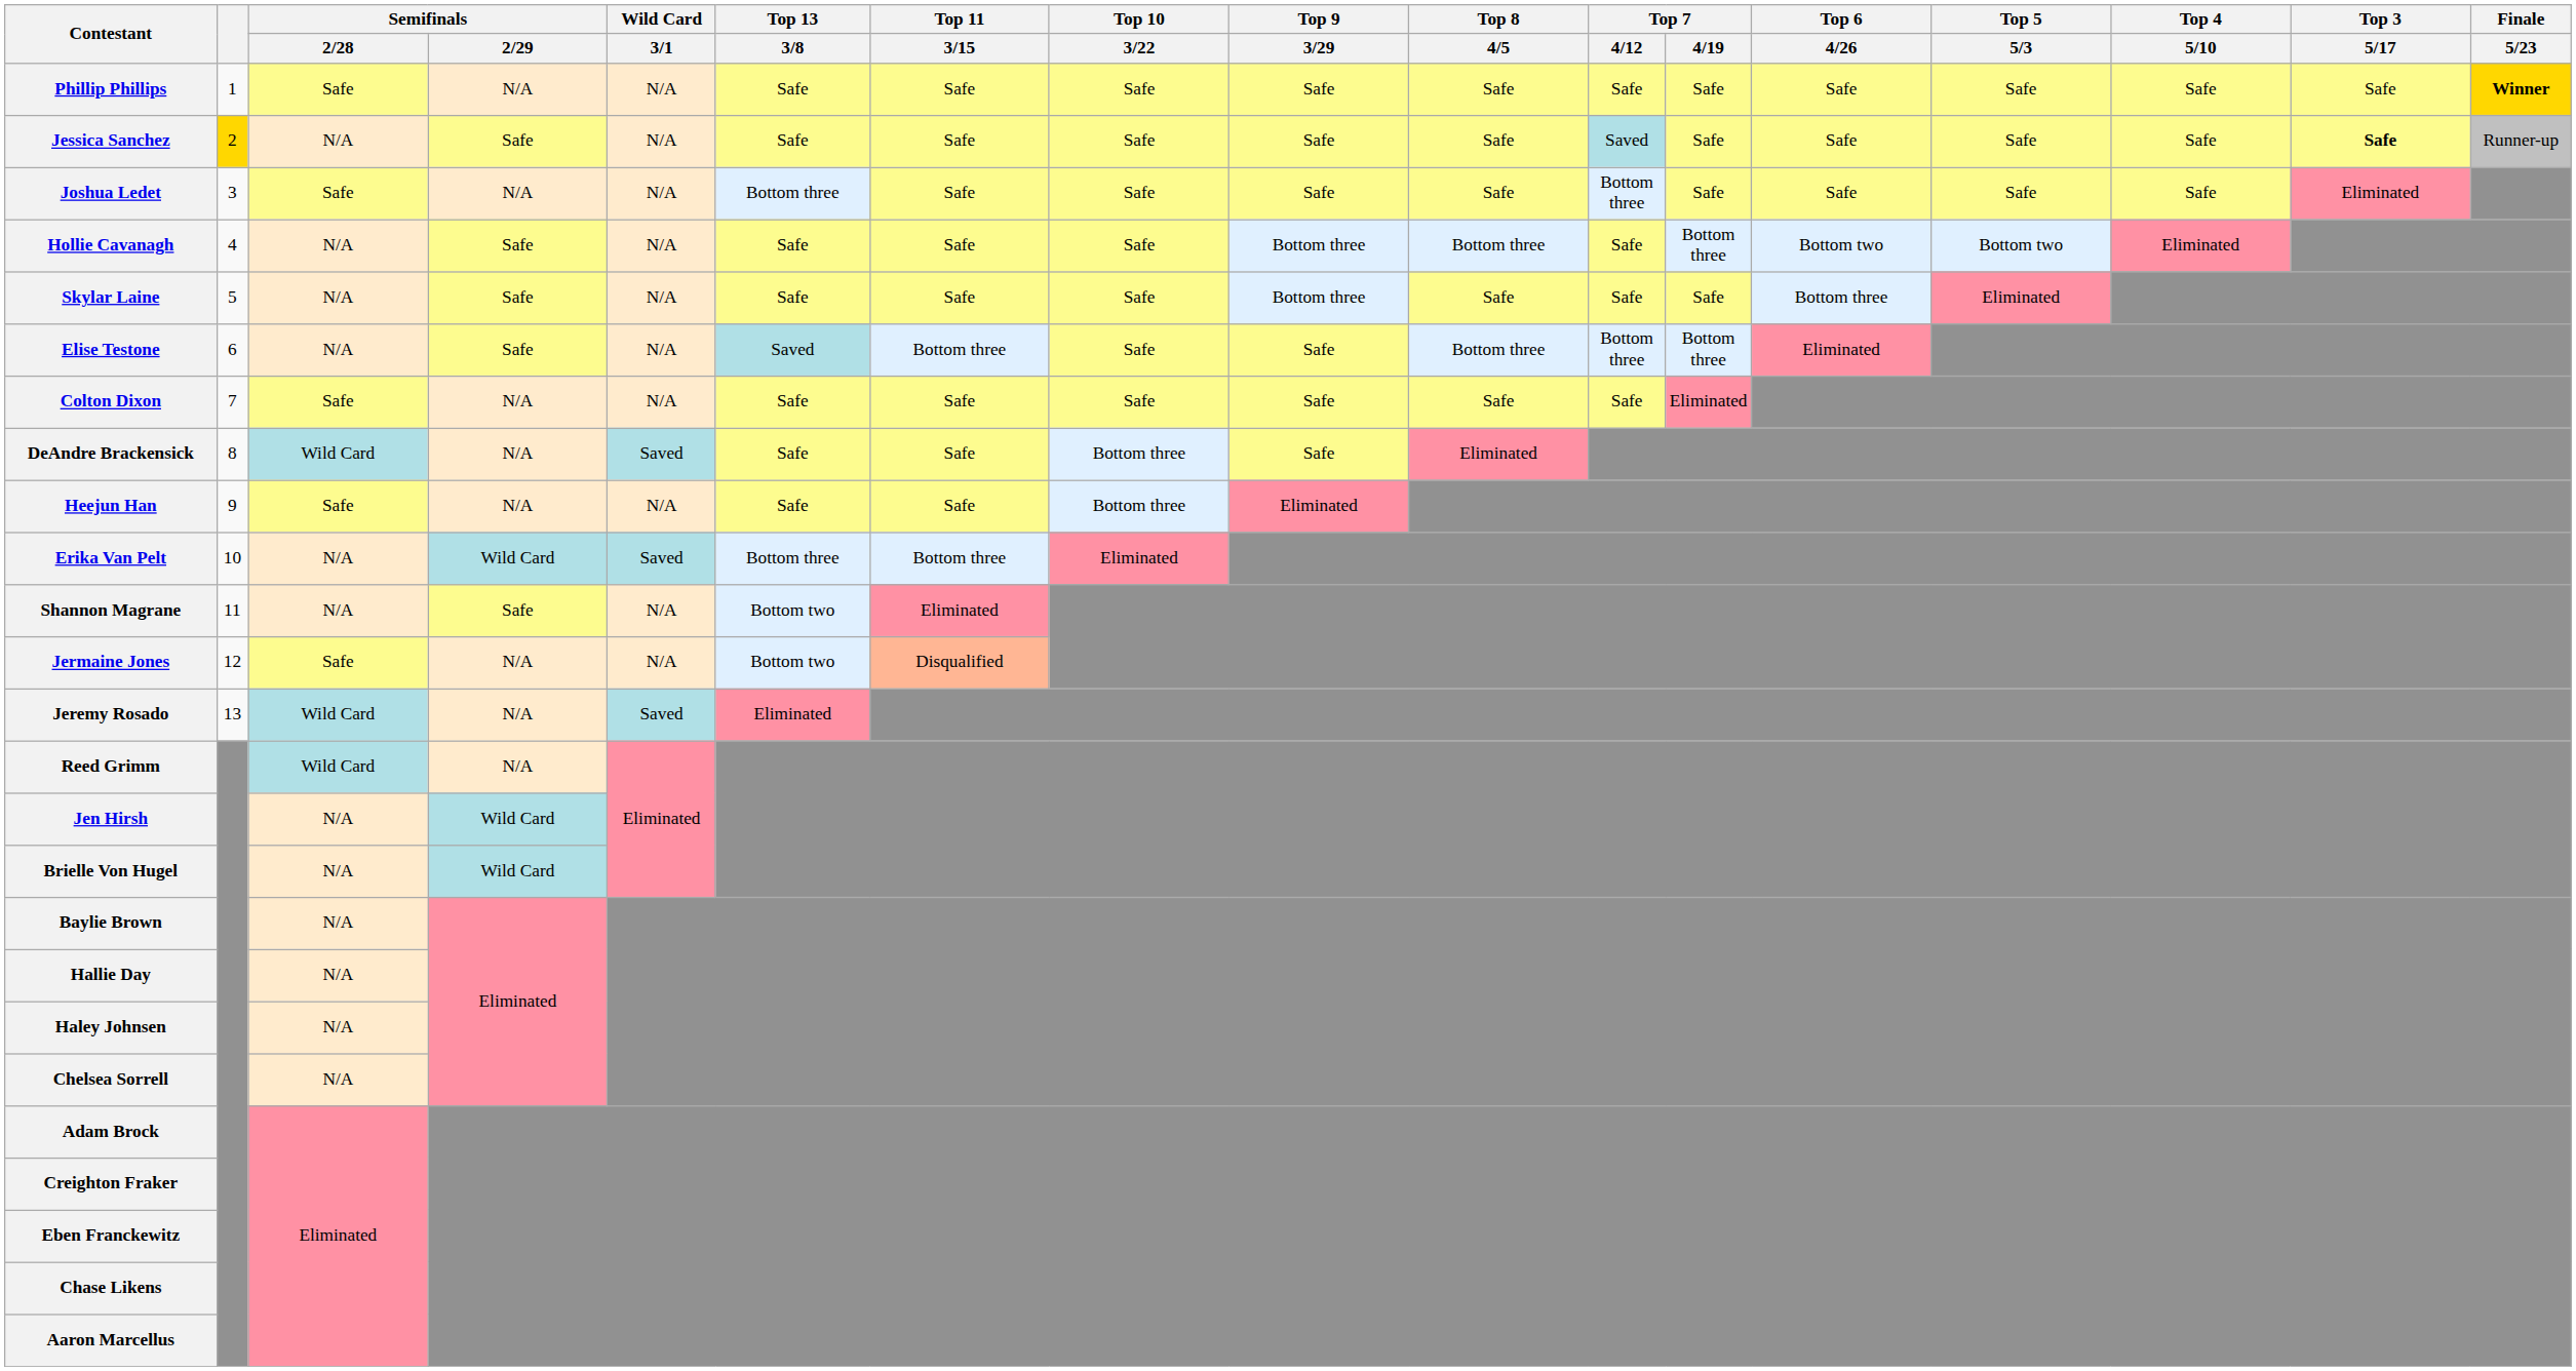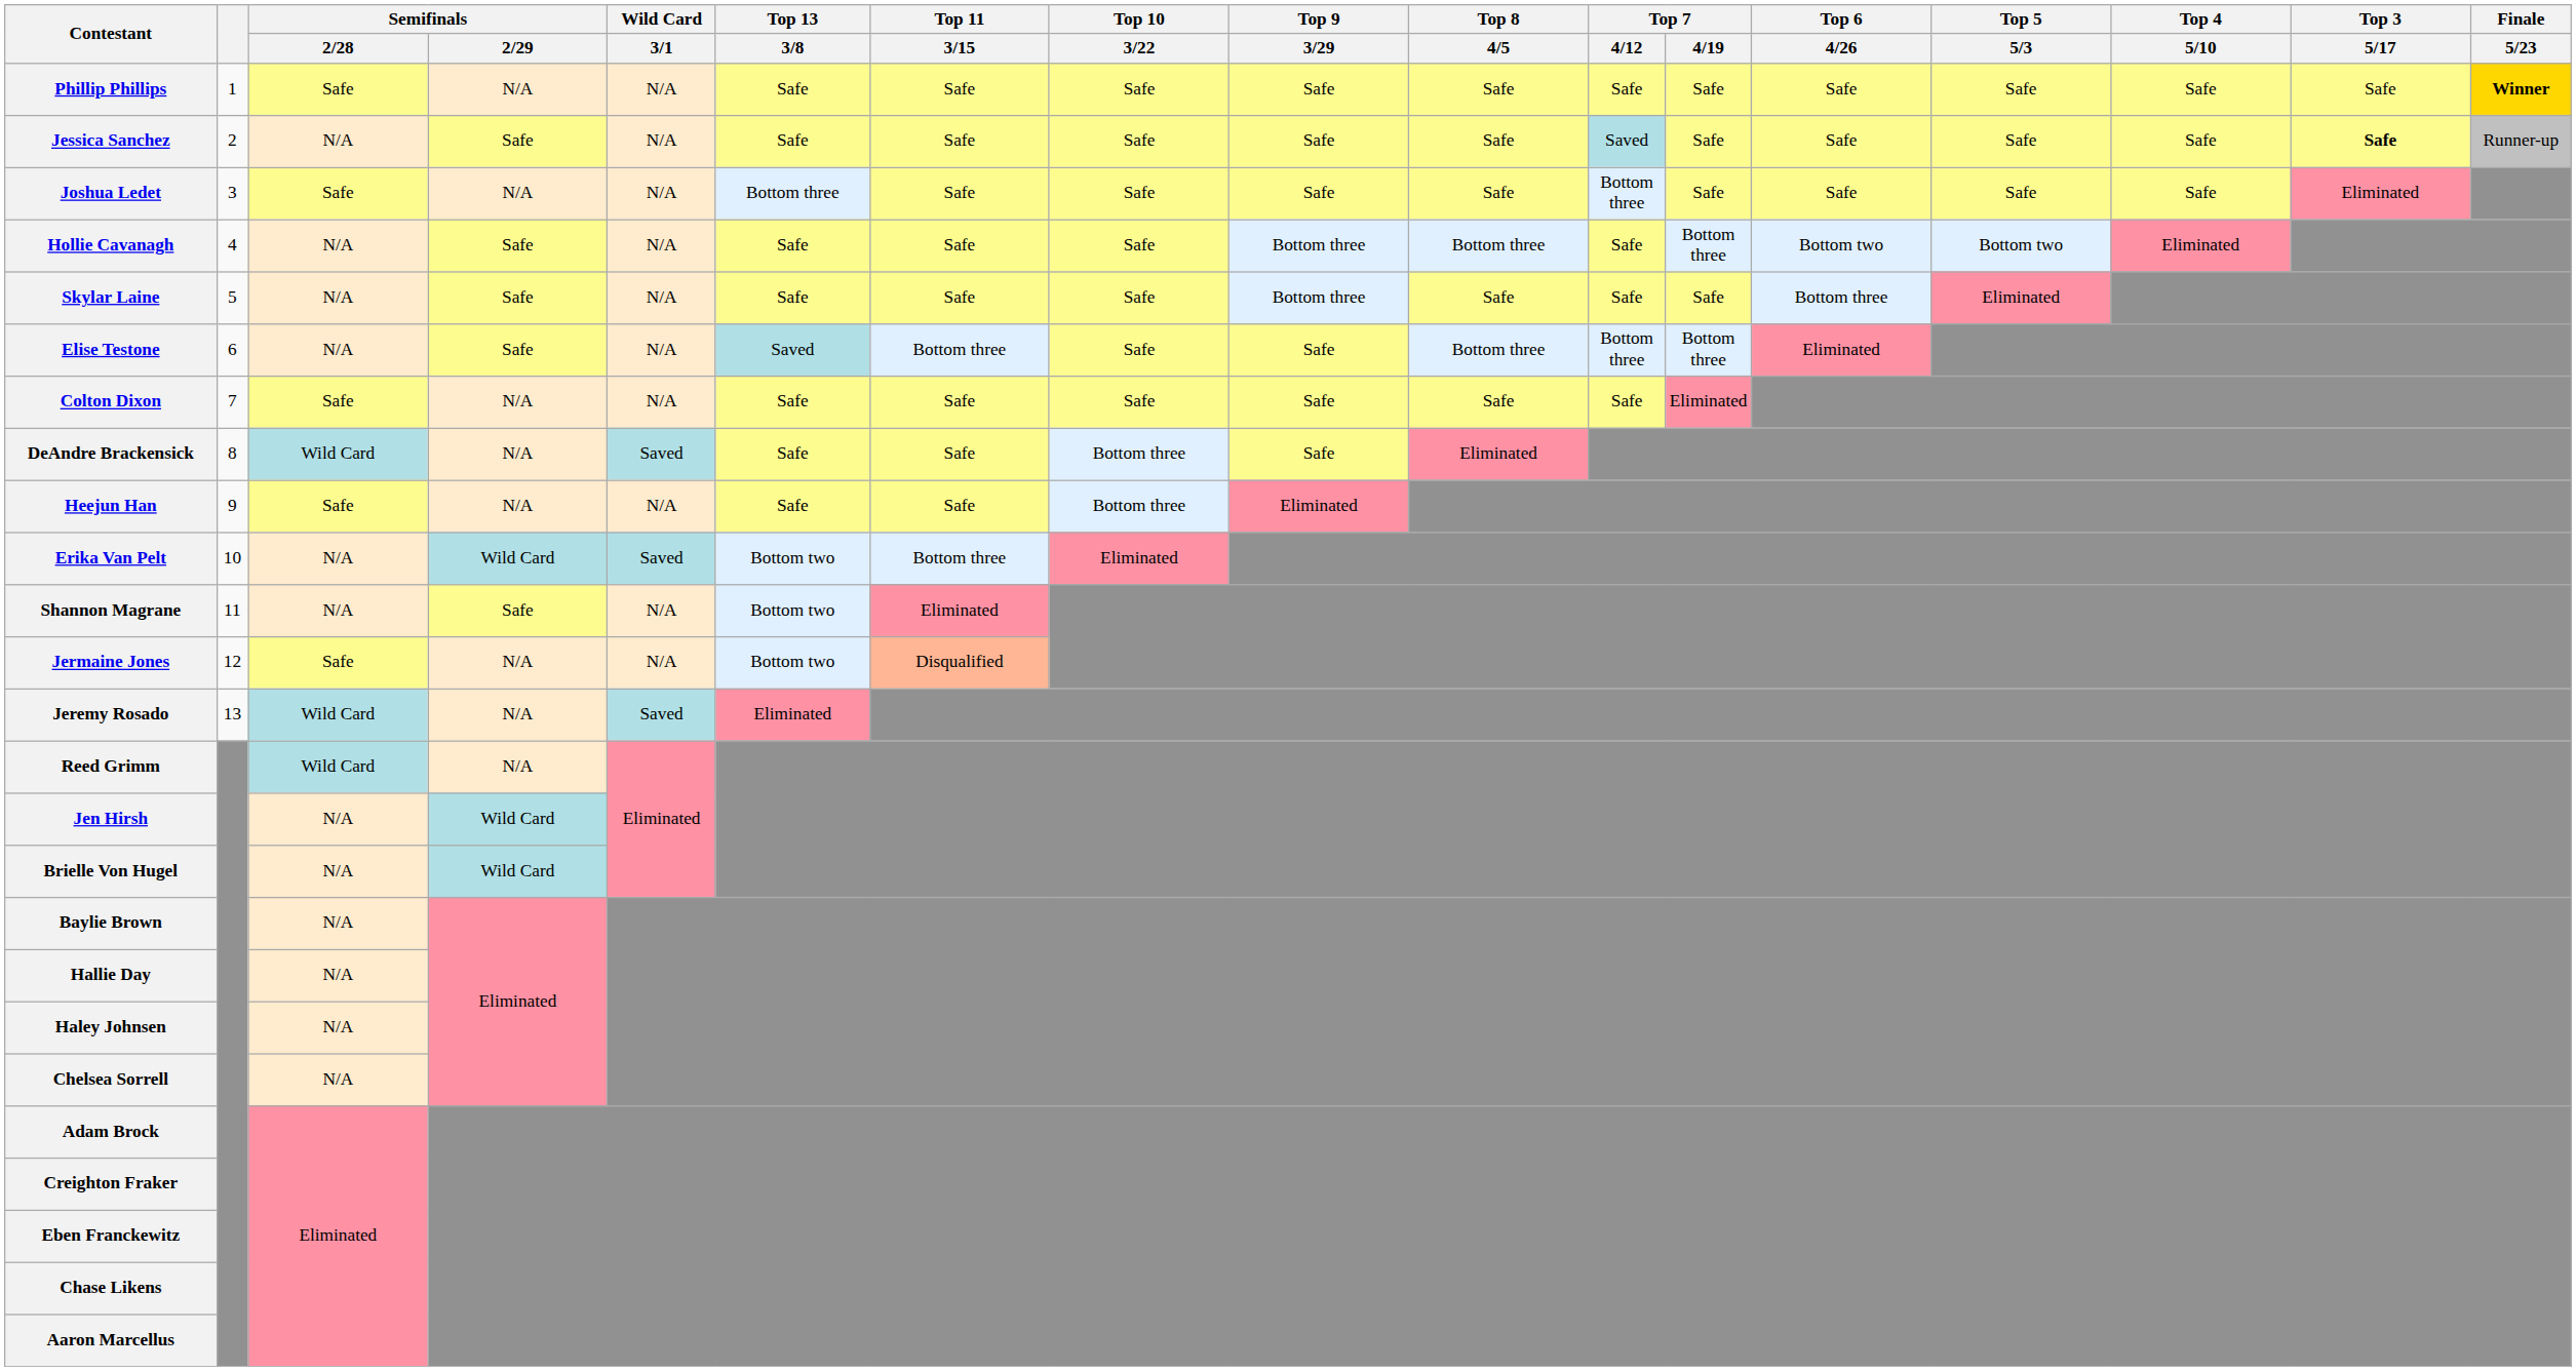 <table class="wikitable" style="text-align:center; font-size:85%;">
 <tr>
 <th scope="col" rowspan="2">Contestant</th>
 <th scope="col" rowspan="2"></th>
 <th colspan="2" scope="col" style="width:14%;">Semifinals</th>
 <th>Wild Card</th>
 <th scope="col" style="width:6%;">Top 13</th>
 <th scope="col" style="width:7%;">Top 11</th>
 <th scope="col" style="width:7%;">Top 10</th>
 <th scope="col" style="width:7%;">Top 9</th>
 <th scope="col" style="width:7%;">Top 8</th>
 <th scope="col" colspan=2 style="width:6%;">Top 7</th>
 <th scope="col" style="width:7%;">Top 6</th>
 <th scope="col" style="width:7%;">Top 5</th>
 <th scope="col" style="width:7%;">Top 4</th>
 <th scope="col" style="width:7%;">Top 3</th>
 <th>Finale</th>
 </tr>
 <tr>
 <th>2/28</th>
 <th>2/29</th>
 <th>3/1</th>
 <th>3/8</th>
 <th>3/15</th>
 <th>3/22</th>
 <th>3/29</th>
 <th>4/5</th>
 <th>4/12</th>
 <th>4/19</th>
 <th>4/26</th>
 <th>5/3</th>
 <th>5/10</th>
 <th>5/17</th>
 <th>5/23</th>
 </tr>
 <tr style="height:40px">
 <th scope="row"><a href='#'>Phillip Phillips</a></th>
 <td>1</td>
 <td style="background:#FDFC8F;">Safe</td>
 <td style="background:#FFEBCD;">N/A</td>
 <td style="background:#FFEBCD;">N/A</td>
 <td style="background:#FDFC8F;">Safe</td>
 <td style="background:#FDFC8F;">Safe</td>
 <td style="background:#FDFC8F;">Safe</td>
 <td style="background:#FDFC8F;">Safe</td>
 <td style="background:#FDFC8F;">Safe</td>
 <td style="background:#FDFC8F;">Safe</td>
 <td style="background:#FDFC8F;">Safe</td>
 <td style="background:#FDFC8F;">Safe</td>
 <td style="background:#FDFC8F;">Safe</td>
 <td style="background:#FDFC8F;">Safe</td>
 <td style="background:#FDFC8F;">Safe</td>
 <td bgcolor="gold"><strong>Winner</strong></td>
 </tr>
 <tr style="height:40px">
 <th scope="row"><a href='#'>Jessica Sanchez</a></th>
-<td style="background: gold;">2</td>
+<td>2</td>
 <td style="background:#FFEBCD;">N/A</td>
 <td style="background:#FDFC8F;">Safe</td>
 <td style="background:#FFEBCD;">N/A</td>
 <td style="background:#FDFC8F;">Safe</td>
 <td style="background:#FDFC8F;">Safe</td>
 <td style="background:#FDFC8F;">Safe</td>
 <td style="background:#FDFC8F;">Safe</td>
 <td style="background:#FDFC8F;">Safe</td>
 <td style="background:#B0E0E6;">Saved</td>
 <td style="background:#FDFC8F;">Safe</td>
 <td style="background:#FDFC8F;">Safe</td>
 <td style="background:#FDFC8F;">Safe</td>
 <td style="background:#FDFC8F;">Safe</td>
 <td style="background:#FDFC8F;"><strong>Safe</strong></td>
 <td bgcolor="silver">Runner-up</td>
 </tr>
 <tr style="height:40px">
 <th scope="row"><a href='#'>Joshua Ledet</a></th>
 <td>3</td>
 <td style="background:#FDFC8F;">Safe</td>
 <td style="background:#FFEBCD;">N/A</td>
 <td style="background:#FFEBCD;">N/A</td>
 <td style="background:#e0f0ff;">Bottom three</td>
 <td style="background:#FDFC8F;">Safe</td>
 <td style="background:#FDFC8F;">Safe</td>
 <td style="background:#FDFC8F;">Safe</td>
 <td style="background:#FDFC8F;">Safe</td>
 <td style="background:#e0f0ff;">Bottom three</td>
 <td style="background:#FDFC8F;">Safe</td>
 <td style="background:#FDFC8F;">Safe</td>
 <td style="background:#FDFC8F;">Safe</td>
 <td style="background:#FDFC8F;">Safe</td>
 <td style="background:#FF91A4">Eliminated</td>
 <td bgcolor="919191"></td>
 </tr>
 <tr style="height:40px">
 <th scope="row"><a href='#'>Hollie Cavanagh</a></th>
 <td>4</td>
 <td style="background:#FFEBCD;">N/A</td>
 <td style="background:#FDFC8F;">Safe</td>
 <td style="background:#FFEBCD;">N/A</td>
 <td style="background:#FDFC8F;">Safe</td>
 <td style="background:#FDFC8F;">Safe</td>
 <td style="background:#FDFC8F;">Safe</td>
 <td style="background:#e0f0ff;">Bottom three</td>
 <td style="background:#e0f0ff;">Bottom three</td>
 <td style="background:#FDFC8F;">Safe</td>
 <td style="background:#e0f0ff;">Bottom three</td>
 <td style="background:#e0f0ff;">Bottom two</td>
 <td style="background:#e0f0ff;">Bottom two</td>
 <td style="background:#FF91A4">Eliminated</td>
 <td colspan="2" style="background:#919191"></td>
 </tr>
 <tr style="height:40px">
 <th scope="row"><a href='#'>Skylar Laine</a></th>
 <td>5</td>
 <td style="background:#FFEBCD;">N/A</td>
 <td style="background:#FDFC8F;">Safe</td>
 <td style="background:#FFEBCD;">N/A</td>
 <td style="background:#FDFC8F;">Safe</td>
 <td style="background:#FDFC8F;">Safe</td>
 <td style="background:#FDFC8F;">Safe</td>
 <td style="background:#e0f0ff;">Bottom three</td>
 <td style="background:#FDFC8F;">Safe</td>
 <td style="background:#FDFC8F;">Safe</td>
 <td style="background:#FDFC8F;">Safe</td>
 <td style="background:#e0f0ff;">Bottom three</td>
 <td style="background:#FF91A4">Eliminated</td>
 <td colspan="3" style="background:#919191"></td>
 </tr>
 <tr style="height:40px">
 <th scope="row"><a href='#'>Elise Testone</a></th>
 <td>6</td>
 <td style="background:#FFEBCD;">N/A</td>
 <td style="background:#FDFC8F;">Safe</td>
 <td style="background:#FFEBCD;">N/A</td>
 <td style="background:#B0E0E6;">Saved</td>
 <td style="background:#e0f0ff;">Bottom three</td>
 <td style="background:#FDFC8F;">Safe</td>
 <td style="background:#FDFC8F;">Safe</td>
 <td style="background:#e0f0ff;">Bottom three</td>
 <td style="background:#e0f0ff;">Bottom three</td>
 <td style="background:#e0f0ff;">Bottom three</td>
 <td style="background:#FF91A4">Eliminated</td>
 <td colspan="4" style="background:#919191"></td>
 </tr>
 <tr style="height:40px">
 <th scope="row"><a href='#'>Colton Dixon</a></th>
 <td>7</td>
 <td style="background:#FDFC8F;">Safe</td>
 <td style="background:#FFEBCD;">N/A</td>
 <td style="background:#FFEBCD;">N/A</td>
 <td style="background:#FDFC8F;">Safe</td>
 <td style="background:#FDFC8F;">Safe</td>
 <td style="background:#FDFC8F;">Safe</td>
 <td style="background:#FDFC8F;">Safe</td>
 <td style="background:#FDFC8F;">Safe</td>
 <td style="background:#FDFC8F;">Safe</td>
 <td style="background:#FF91A4">Eliminated</td>
 <td colspan="5" style="background:#919191"></td>
 </tr>
 <tr style="height:40px">
 <th scope="row">DeAndre Brackensick</th>
 <td>8</td>
 <td style="background:#B0E0E6;">Wild Card</td>
 <td style="background:#FFEBCD;">N/A</td>
 <td style="background:#B0E0E6;">Saved</td>
 <td style="background:#FDFC8F;">Safe</td>
 <td style="background:#FDFC8F;">Safe</td>
 <td style="background:#e0f0ff;">Bottom three</td>
 <td style="background:#FDFC8F;">Safe</td>
 <td style="background:#FF91A4">Eliminated</td>
 <td colspan="7" style="background:#919191"></td>
 </tr>
 <tr style="height:40px">
 <th scope="row"><a href='#'>Heejun Han</a></th>
 <td>9</td>
 <td style="background:#FDFC8F;">Safe</td>
 <td style="background:#FFEBCD;">N/A</td>
 <td style="background:#FFEBCD;">N/A</td>
 <td style="background:#FDFC8F;">Safe</td>
 <td style="background:#FDFC8F;">Safe</td>
 <td style="background:#e0f0ff;">Bottom three</td>
 <td style="background:#FF91A4">Eliminated</td>
 <td colspan="8" style="background:#919191"></td>
 </tr>
 <tr style="height:40px">
 <th scope="row"><a href='#'>Erika Van Pelt</a></th>
 <td>10</td>
 <td style="background:#FFEBCD;">N/A</td>
 <td style="background:#B0E0E6;">Wild Card</td>
 <td style="background:#B0E0E6;">Saved</td>
-<td style="background:#e0f0ff;">Bottom three</td>
+<td style="background:#e0f0ff">Bottom two</td>
 <td style="background:#e0f0ff;">Bottom three</td>
 <td style="background:#FF91A4">Eliminated</td>
 <td colspan="9" style="background:#919191"></td>
 </tr>
 <tr style="height:40px">
 <th scope="row">Shannon Magrane</th>
 <td>11</td>
 <td style="background:#FFEBCD;">N/A</td>
 <td style="background:#FDFC8F;">Safe</td>
 <td style="background:#FFEBCD;">N/A</td>
 <td style="background:#e0f0ff;">Bottom two</td>
 <td style="background:#FF91A4">Eliminated</td>
 <td colspan="10" rowspan="2" style="background:#919191"></td>
 </tr>
 <tr style="height:40px">
 <th scope="row"><a href='#'>Jermaine Jones</a></th>
 <td>12</td>
 <td style="background:#FDFC8F;">Safe</td>
 <td style="background:#FFEBCD;">N/A</td>
 <td style="background:#FFEBCD;">N/A</td>
 <td style="background:#e0f0ff">Bottom two</td>
 <td style="background:#FFB694">Disqualified</td>
 </tr>
 <tr style="height:40px">
 <th scope="row">Jeremy Rosado</th>
 <td>13</td>
 <td style="background:#B0E0E6;">Wild Card</td>
 <td style="background:#FFEBCD;">N/A</td>
 <td style="background:#B0E0E6;">Saved</td>
 <td style="background:#FF91A4">Eliminated</td>
 <td colspan="11" style="background:#919191"></td>
 </tr>
 <tr style="height:40px">
 <th scope="row">Reed Grimm</th>
 <td rowspan="12" bgcolor="919191"></td>
 <td style="background:#B0E0E6;">Wild Card</td>
 <td style="background:#FFEBCD;">N/A</td>
 <td rowspan=3 style="background:#FF91A4">Eliminated</td>
 <td colspan="12" rowspan="3" style="background:#919191"></td>
 </tr>
 <tr style="height:40px">
 <th scope="row"><a href='#'>Jen Hirsh</a></th>
 <td style="background:#FFEBCD;">N/A</td>
 <td style="background:#B0E0E6;">Wild Card</td>
 </tr>
 <tr style="height:40px">
 <th scope="row">Brielle Von Hugel</th>
 <td style="background:#FFEBCD;">N/A</td>
 <td style="background:#B0E0E6;">Wild Card</td>
 </tr>
 <tr style="height:40px">
 <th scope="row">Baylie Brown</th>
 <td style="background:#FFEBCD;">N/A</td>
 <td rowspan="4" style="background:#FF91A4">Eliminated</td>
 <td colspan="13" rowspan="4" style="background:#919191"></td>
 </tr>
 <tr style="height:40px">
 <th scope="row">Hallie Day</th>
 <td style="background:#FFEBCD;">N/A</td>
 </tr>
 <tr style="height:40px">
 <th scope="row">Haley Johnsen</th>
 <td style="background:#FFEBCD;">N/A</td>
 </tr>
 <tr style="height:40px">
 <th scope="row">Chelsea Sorrell</th>
 <td style="background:#FFEBCD;">N/A</td>
 </tr>
 <tr style="height:40px">
 <th scope="row">Adam Brock</th>
 <td rowspan=5 style="background:#FF91A4">Eliminated</td>
 <td colspan="14" rowspan="5" style="background:#919191"></td>
 </tr>
 <tr style="height:40px">
 <th scope="row">Creighton Fraker</th>
 </tr>
 <tr style="height:40px">
 <th scope="row">Eben Franckewitz</th>
 </tr>
 <tr style="height:40px">
 <th scope="row">Chase Likens</th>
 </tr>
 <tr style="height:40px">
 <th scope="row">Aaron Marcellus</th>
 </tr>
 </table>
